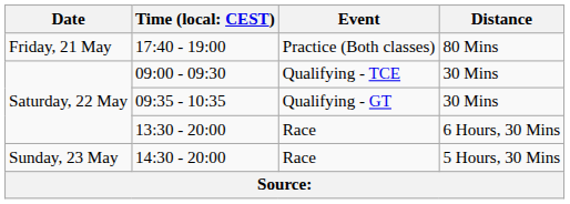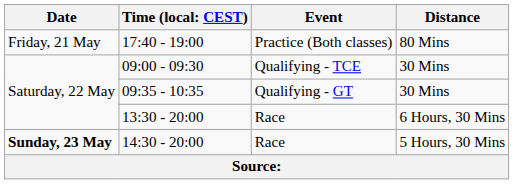 <table class="wikitable" style="font-size: 90%;">
 <tr>
 <th>Date</th>
 <th>Time (local: <a href='#'>CEST</a>)</th>
 <th>Event</th>
 <th>Distance</th>
 </tr>
 <tr>
 <td>Friday, 21 May</td>
 <td>17:40 - 19:00</td>
 <td>Practice (Both classes)</td>
 <td>80 Mins</td>
 </tr>
 <tr>
 <td rowspan=3>Saturday, 22 May</td>
 <td>09:00 - 09:30</td>
 <td>Qualifying - <a href='#'>TCE</a></td>
 <td>30 Mins</td>
 </tr>
 <tr>
 <td>09:35 - 10:35</td>
 <td>Qualifying - <a href='#'>GT</a></td>
 <td>30 Mins</td>
 </tr>
 <tr>
 <td>13:30 - 20:00</td>
 <td>Race</td>
 <td>6 Hours, 30 Mins</td>
 </tr>
 <tr>
-<td>Sunday, 23 May</td>
+<td><strong>Sunday, 23 May</strong></td>
 <td>14:30 - 20:00</td>
 <td>Race</td>
 <td>5 Hours, 30 Mins</td>
 </tr>
 <tr>
 <th colspan=4>Source:</th>
 </tr>
 </table>
